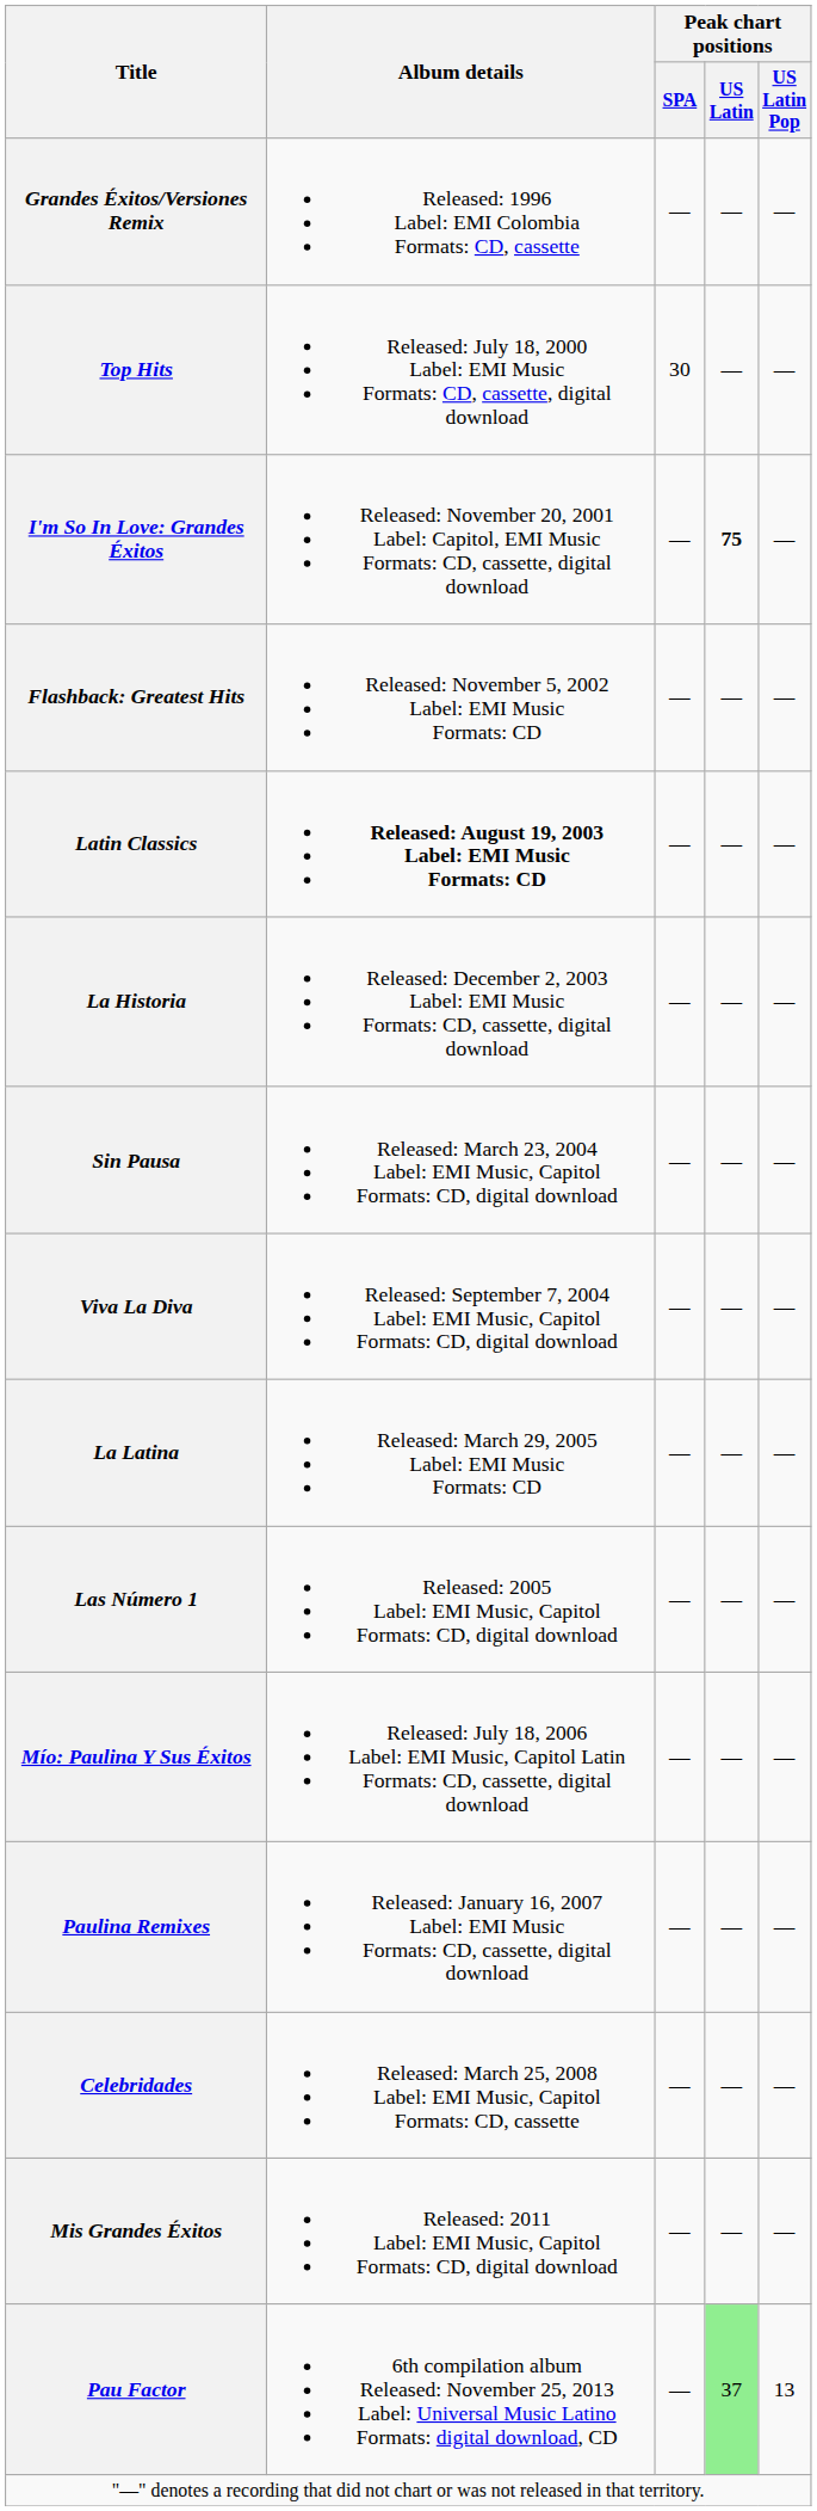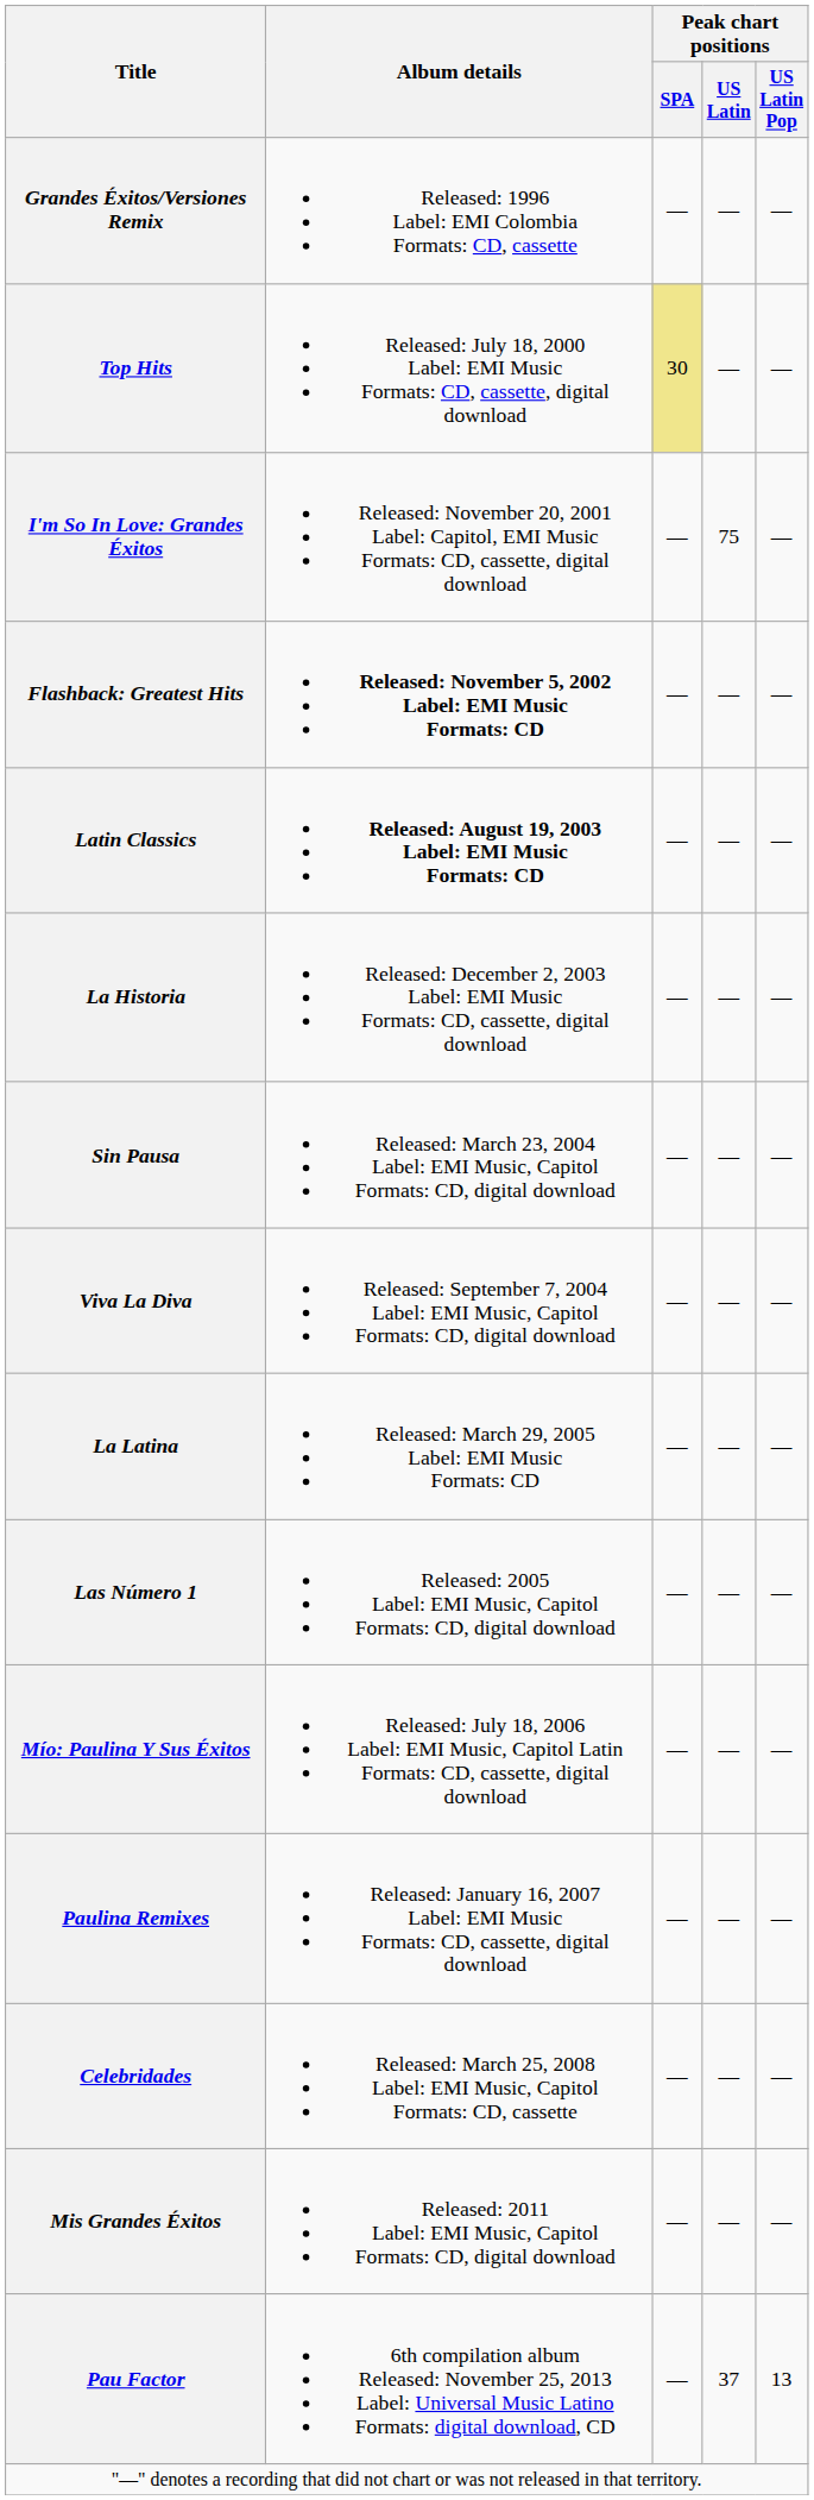 <table class="wikitable plainrowheaders" style="text-align:center;">
 <tr>
 <th scope="col" rowspan="2" style="width:12em;">Title</th>
 <th scope="col" rowspan="2" style="width:18em;">Album details</th>
 <th scope="col" colspan="3">Peak chart positions</th>
 </tr>
 <tr>
 <th style="width:2.2em;font-size:90%;"><a href='#'>SPA</a><br></th>
 <th style="width:2.2em;font-size:90%;"><a href='#'>US Latin</a><br></th>
 <th style="width:2.2em;font-size:90%;"><a href='#'>US Latin Pop</a><br></th>
 </tr>
 <tr>
 <th scope="row"><em>Grandes Éxitos/Versiones Remix</em></th>
 <td><br><ul><li>Released: 1996</li><li>Label: EMI Colombia</li><li>Formats: <a href='#'>CD</a>, <a href='#'>cassette</a></li></ul></td>
 <td>—</td>
 <td>—</td>
 <td>—</td>
 </tr>
 <tr>
 <th scope="row"><em><a href='#'>Top Hits</a></em></th>
 <td><br><ul><li>Released: July 18, 2000</li><li>Label: EMI Music</li><li>Formats: <a href='#'>CD</a>, <a href='#'>cassette</a>, digital download</li></ul></td>
-<td>30</td>
+<td style="background: khaki;">30</td>
 <td>—</td>
 <td>—</td>
 </tr>
 <tr>
 <th scope="row"><em><a href='#'>I'm So In Love: Grandes Éxitos</a></em></th>
 <td><br><ul><li>Released: November 20, 2001</li><li>Label: Capitol, EMI Music</li><li>Formats: CD, cassette, digital download</li></ul></td>
 <td>—</td>
-<td><strong>75</strong></td>
+<td>75</td>
 <td>—</td>
 </tr>
 <tr>
 <th scope="row"><em>Flashback: Greatest Hits</em></th>
-<td><br><ul><li>Released: November 5, 2002</li><li>Label: EMI Music</li><li>Formats: CD</li></ul></td>
+<td><strong><br><ul><li>Released: November 5, 2002</li><li>Label: EMI Music</li><li>Formats: CD</li></ul></strong></td>
 <td>—</td>
 <td>—</td>
 <td>—</td>
 </tr>
 <tr>
 <th scope="row"><em>Latin Classics</em></th>
 <td><strong><br><ul><li>Released: August 19, 2003</li><li>Label: EMI Music</li><li>Formats: CD</li></ul></strong></td>
 <td>—</td>
 <td>—</td>
 <td>—</td>
 </tr>
 <tr>
 <th scope="row"><em>La Historia</em></th>
 <td><br><ul><li>Released: December 2, 2003</li><li>Label: EMI Music</li><li>Formats: CD, cassette, digital download</li></ul></td>
 <td>—</td>
 <td>—</td>
 <td>—</td>
 </tr>
 <tr>
 <th scope="row"><em>Sin Pausa</em></th>
 <td><br><ul><li>Released: March 23, 2004</li><li>Label: EMI Music, Capitol</li><li>Formats: CD, digital download</li></ul></td>
 <td>—</td>
 <td>—</td>
 <td>—</td>
 </tr>
 <tr>
 <th scope="row"><em>Viva La Diva</em></th>
 <td><br><ul><li>Released: September 7, 2004</li><li>Label: EMI Music, Capitol</li><li>Formats: CD, digital download</li></ul></td>
 <td>—</td>
 <td>—</td>
 <td>—</td>
 </tr>
 <tr>
 <th scope="row"><em>La Latina</em></th>
 <td><br><ul><li>Released: March 29, 2005</li><li>Label: EMI Music</li><li>Formats: CD</li></ul></td>
 <td>—</td>
 <td>—</td>
 <td>—</td>
 </tr>
 <tr>
 <th scope="row"><em>Las Número 1</em></th>
 <td><br><ul><li>Released: 2005</li><li>Label: EMI Music, Capitol</li><li>Formats: CD, digital download</li></ul></td>
 <td>—</td>
 <td>—</td>
 <td>—</td>
 </tr>
 <tr>
 <th scope="row"><em><a href='#'>Mío: Paulina Y Sus Éxitos</a></em></th>
 <td><br><ul><li>Released: July 18, 2006</li><li>Label: EMI Music, Capitol Latin</li><li>Formats: CD, cassette, digital download</li></ul></td>
 <td>—</td>
 <td>—</td>
 <td>—</td>
 </tr>
 <tr>
 <th scope="row"><em><a href='#'>Paulina Remixes</a></em></th>
 <td><br><ul><li>Released: January 16, 2007</li><li>Label: EMI Music</li><li>Formats: CD, cassette, digital download</li></ul></td>
 <td>—</td>
 <td>—</td>
 <td>—</td>
 </tr>
 <tr>
 <th scope="row"><em><a href='#'>Celebridades</a></em></th>
 <td><br><ul><li>Released: March 25, 2008</li><li>Label: EMI Music, Capitol</li><li>Formats: CD, cassette</li></ul></td>
 <td>—</td>
 <td>—</td>
 <td>—</td>
 </tr>
 <tr>
 <th scope="row"><em>Mis Grandes Éxitos</em></th>
 <td><br><ul><li>Released: 2011</li><li>Label: EMI Music, Capitol</li><li>Formats: CD, digital download</li></ul></td>
 <td>—</td>
 <td>—</td>
 <td>—</td>
 </tr>
 <tr>
 <th scope="row"><em><a href='#'>Pau Factor</a></em></th>
 <td><br><ul><li>6th compilation album</li><li>Released: November 25, 2013</li><li>Label: <a href='#'>Universal Music Latino</a></li><li>Formats: <a href='#'>digital download</a>, CD</li></ul></td>
 <td>—</td>
-<td style="background: lightgreen;">37</td>
+<td>37</td>
 <td>13</td>
 </tr>
 <tr>
 <td colspan="11" style="font-size:90%">"—" denotes a recording that did not chart or was not released in that territory.</td>
 </tr>
 </table>
